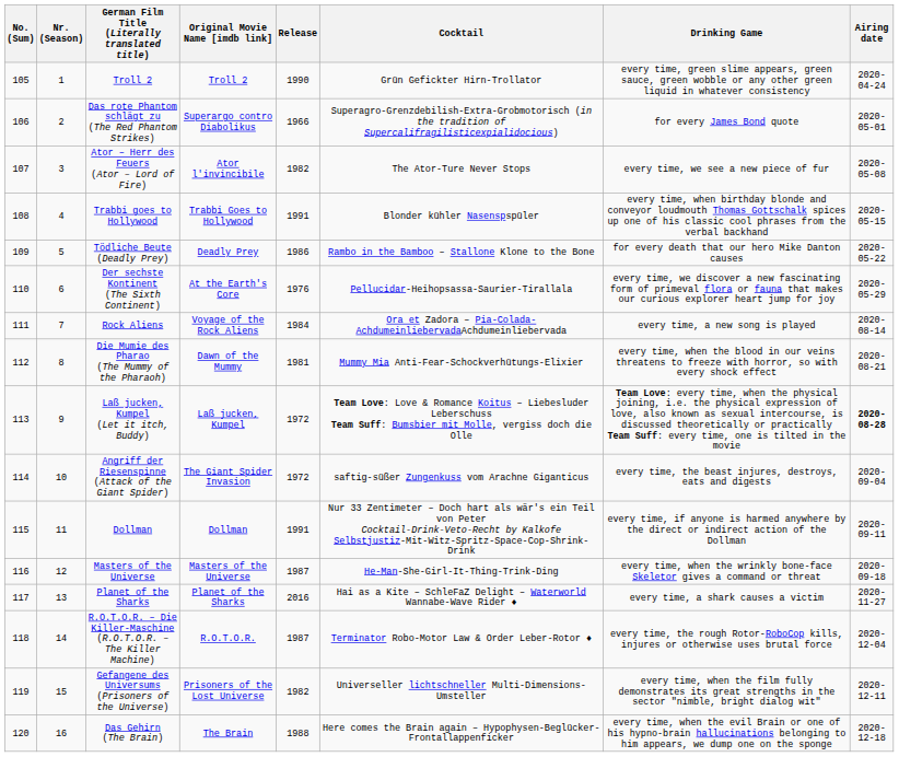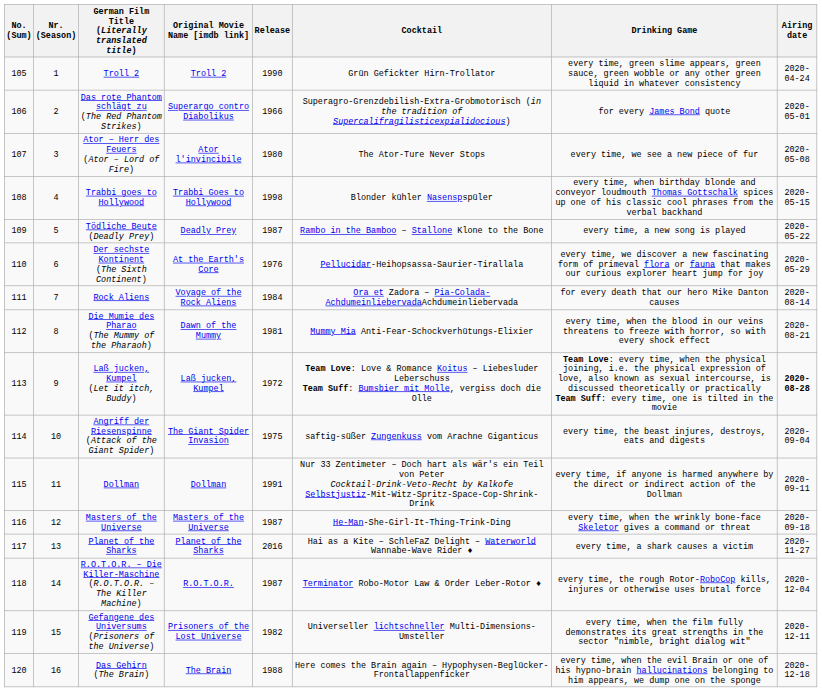 <table class="wikitable sortable zebra" style="text-align:center;">
 <tr>
 <th>No.<br>(Sum)</th>
 <th>Nr.<br>(Season)</th>
 <th>German Film Title <br> (<em>Literally translated title</em>)</th>
 <th>Original Movie Name [imdb link]</th>
 <th>Release</th>
 <th>Cocktail</th>
 <th>Drinking Game</th>
 <th>Airing date</th>
 </tr>
 <tr>
 <td>105</td>
 <td>1</td>
 <td><a href='#'>Troll 2</a></td>
 <td><a href='#'>Troll 2</a></td>
 <td>1990</td>
 <td>Grün Gefickter Hirn-Trollator</td>
 <td>every time, green slime appears, green sauce, green wobble or any other green liquid in whatever consistency</td>
 <td>2020-04-24</td>
 </tr>
 <tr>
 <td>106</td>
 <td>2</td>
 <td><a href='#'>Das rote Phantom schlägt zu</a><br>(<em>The Red Phantom Strikes</em>)</td>
 <td><a href='#'>Superargo contro Diabolikus</a></td>
 <td>1966</td>
 <td>Superagro-Grenzdebilish-Extra-Grobmotorisch (<em>in the tradition of <a href='#'>Supercalifragilisticexpialidocious</a></em>)</td>
 <td>for every <a href='#'>James Bond</a> quote</td>
 <td>2020-05-01</td>
 </tr>
 <tr>
 <td>107</td>
 <td>3</td>
 <td><a href='#'>Ator – Herr des Feuers</a><br>(<em>Ator – Lord of Fire</em>)</td>
 <td><a href='#'>Ator l'invincibile</a></td>
-<td>1982</td>
+<td>1980</td>
 <td>The Ator-Tur­e Never Stops</td>
 <td>every time, we see a new piece of fur</td>
 <td>2020-05-08</td>
 </tr>
 <tr>
 <td>108</td>
 <td>4</td>
 <td><a href='#'>Trabbi goes to Hollywood</a></td>
 <td><a href='#'>Trabbi Goes to Hollywood</a></td>
-<td>1991</td>
+<td>1998</td>
 <td>Blonder kühler <a href='#'>Nasensp</a>spüler</td>
 <td>every time, when birthday blonde and conveyor loudmouth <a href='#'>Thomas Gottschalk</a> spices up one of his classic cool phrases from the verbal backhand</td>
 <td>2020-05-15</td>
 </tr>
 <tr>
 <td>109</td>
 <td>5</td>
 <td><a href='#'>Tödliche Beute</a><br>(<em>Deadly Prey</em>)</td>
 <td><a href='#'>Deadly Prey</a></td>
-<td>1986</td>
+<td>1987</td>
 <td><a href='#'>Rambo in the Bamboo</a> – <a href='#'>Stallone</a> Klone to the Bone</td>
-<td>for every death that our hero Mike Danton causes</td>
+<td>every time, a new song is played</td>
 <td>2020-05-22</td>
 </tr>
 <tr>
 <td>110</td>
 <td>6</td>
 <td><a href='#'>Der sechste Kontinent</a><br>(<em>The Sixth Continent</em>)</td>
 <td><a href='#'>At the Earth's Core</a></td>
 <td>1976</td>
 <td><a href='#'>Pellucidar</a>-Heihopsassa-Saurier-Tirallala</td>
 <td>every time, we discover a new fascinating form of primeval <a href='#'>flora</a> or <a href='#'>fauna</a> that makes our curious explorer heart jump for joy</td>
 <td>2020-05-29</td>
 </tr>
 <tr>
 <td>111</td>
 <td>7</td>
 <td><a href='#'>Rock Aliens</a></td>
 <td><a href='#'>Voyage of the Rock Aliens</a></td>
 <td>1984</td>
 <td><a href='#'>Ora et</a> Zadora – <a href='#'>Pia-Colada-Achdumeinliebervada</a>Achdumeinliebervada</td>
-<td>every time, a new song is played</td>
+<td>for every death that our hero Mike Danton causes</td>
 <td>2020-08-14</td>
 </tr>
 <tr>
 <td>112</td>
 <td>8</td>
 <td><a href='#'>Die Mumie des Pharao</a><br>(<em>The Mummy of the Pharaoh</em>)</td>
 <td><a href='#'>Dawn of the Mummy</a></td>
 <td>1981</td>
 <td><a href='#'>Mummy Mia</a> Anti-Fear-Schockverhütungs-Elixier</td>
 <td>every time, when the blood in our veins threatens to freeze with horror, so with every shock effect</td>
 <td>2020-08-21</td>
 </tr>
 <tr>
 <td>113</td>
 <td>9</td>
 <td><a href='#'>Laß jucken, Kumpel</a><br>(<em>Let it itch, Buddy</em>)</td>
 <td><a href='#'>Laß jucken, Kumpel</a> </td>
 <td>1972</td>
 <td><strong>Team Love</strong>: Love & Romance <a href='#'>Koitus</a> – Liebesluder Leberschuss<br> <strong>Team Suff</strong>: <a href='#'>Bumsbier mit Molle</a>, vergiss doch die Olle</td>
 <td><strong>Team Love</strong>: every time, when the physical joining, i.e. the physical expression of love, also known as sexual intercourse, is discussed theoretically or practically<br> <strong>Team Suff</strong>: every time, one is tilted in the movie</td>
 <td><strong>2020-08-28</strong></td>
 </tr>
 <tr>
 <td>114</td>
 <td>10</td>
 <td><a href='#'>Angriff der Riesenspinne</a><br>(<em>Attack of the Giant Spider</em>)</td>
 <td><a href='#'>The Giant Spider Invasion</a></td>
-<td>1972</td>
+<td>1975</td>
 <td>saftig-süßer <a href='#'>Zungenkuss</a> vom Arachne Giganticus</td>
 <td>every time, the beast injures, destroys, eats and digests</td>
 <td>2020-09-04</td>
 </tr>
 <tr>
 <td>115</td>
 <td>11</td>
 <td><a href='#'>Dollman</a></td>
 <td><a href='#'>Dollman</a></td>
 <td>1991</td>
 <td>Nur 33 Zentimeter – Doch hart als wär's ein Teil von Peter<br> <em>Cocktail-Drink-Veto-Recht by Kalkofe</em><br><a href='#'>Selbstjustiz</a>-Mit-Witz-Spritz-Space-Cop-Shrink-Drink</td>
 <td>every time, if anyone is harmed anywhere by the direct or indirect action of the Dollman</td>
 <td>2020-09-11</td>
 </tr>
 <tr>
 <td>116</td>
 <td>12</td>
 <td><a href='#'>Masters of the Universe</a></td>
 <td><a href='#'>Masters of the Universe</a></td>
 <td>1987</td>
 <td><a href='#'>He-Man</a>-She-Girl-It-Thing-Trink-Ding</td>
 <td>every time, when the wrinkly bone-face <a href='#'>Skeletor</a> gives a command or threat</td>
 <td>2020-09-18</td>
 </tr>
 <tr>
 <td>117</td>
 <td>13</td>
 <td><a href='#'>Planet of the Sharks</a></td>
 <td><a href='#'>Planet of the Sharks</a> </td>
 <td>2016</td>
 <td>Hai as a Kite – SchleFaZ Delight – <a href='#'>Waterworld</a> Wannabe-Wave Rider ♦</td>
 <td>every time, a shark causes a victim</td>
 <td>2020-11-27</td>
 </tr>
 <tr>
 <td>118</td>
 <td>14</td>
 <td><a href='#'>R.O.T.O.R. – Die Killer-Maschine</a><br>(<em>R.O.T.O.R. – The Killer Machine</em>)</td>
 <td><a href='#'>R.O.T.O.R.</a></td>
 <td>1987</td>
 <td><a href='#'>Terminator</a> Robo-Motor Law & Order Leber-Rotor ♦</td>
 <td>every time, the rough Rotor-<a href='#'>RoboCop</a> kills, injures or otherwise uses brutal force</td>
 <td>2020-12-04</td>
 </tr>
 <tr>
 <td>119</td>
 <td>15</td>
 <td><a href='#'>Gefangene des Universums</a><br>(<em>Prisoners of the Universe</em>)</td>
 <td><a href='#'>Prisoners of the Lost Universe</a></td>
 <td>1982</td>
 <td>Universeller <a href='#'>lichtschneller</a> Multi-Dimensions-Umsteller</td>
 <td>every time, when the film fully demonstrates its great strengths in the sector "nimble, bright dialog wit"</td>
 <td>2020-12-11</td>
 </tr>
 <tr>
 <td>120</td>
 <td>16</td>
 <td><a href='#'>Das Gehirn</a><br>(<em>The Brain</em>)</td>
 <td><a href='#'>The Brain</a></td>
 <td>1988</td>
 <td>Here comes the Brain again – Hypophysen-Beglücker-Frontallappenficker</td>
 <td>every time, when the evil Brain or one of his hypno-brain <a href='#'>hallucinations</a> belonging to him appears, we dump one on the sponge</td>
 <td>2020-12-18</td>
 </tr>
 </table>
